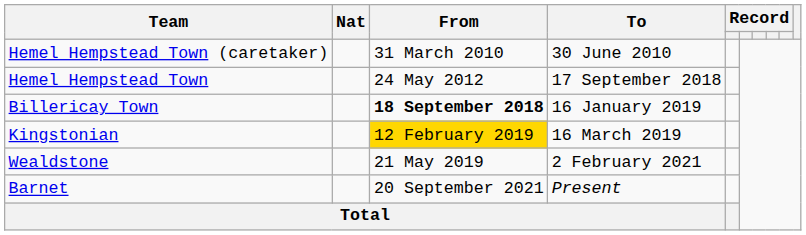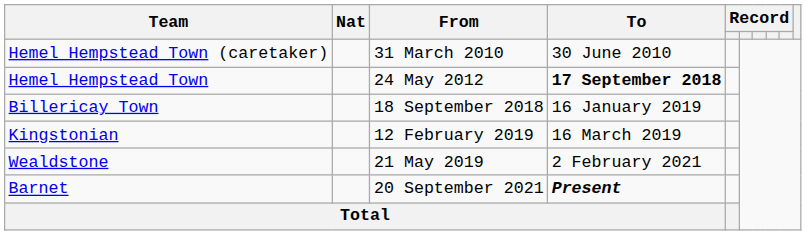 <table class="wikitable" style="text-align: center;">
 <tr>
 <th rowspan="2">Team</th>
 <th rowspan="2">Nat</th>
 <th rowspan="2">From</th>
 <th rowspan="2">To</th>
 <th colspan="5">Record</th>
 <th rowspan=2></th>
 </tr>
 <tr>
 <th></th>
 <th></th>
 <th></th>
 <th></th>
 <th></th>
 </tr>
 <tr>
 <td align=left><a href='#'>Hemel Hempstead Town</a> (caretaker)</td>
 <td></td>
 <td align=left>31 March 2010</td>
 <td align=left>30 June 2010<br></td>
 <td></td>
 </tr>
 <tr>
 <td align=left><a href='#'>Hemel Hempstead Town</a></td>
 <td></td>
 <td align=left>24 May 2012</td>
-<td align=left>17 September 2018<br></td>
+<td align=left><strong>17 September 2018<br></strong></td>
 <td></td>
 </tr>
 <tr>
 <td align=left><a href='#'>Billericay Town</a></td>
 <td></td>
-<td align=left><strong>18 September 2018</strong></td>
+<td align=left>18 September 2018</td>
 <td align=left>16 January 2019<br></td>
 <td></td>
 </tr>
 <tr>
 <td align=left><a href='#'>Kingstonian</a></td>
 <td></td>
-<td align=left style="background: gold;">12 February 2019</td>
+<td align=left>12 February 2019</td>
 <td align=left>16 March 2019<br></td>
 <td></td>
 </tr>
 <tr>
 <td align=left><a href='#'>Wealdstone</a></td>
 <td></td>
 <td align=left>21 May 2019</td>
 <td align=left>2 February 2021<br></td>
 <td></td>
 </tr>
 <tr>
 <td align=left><a href='#'>Barnet</a></td>
 <td></td>
 <td align=left>20 September 2021</td>
-<td align=left><em>Present</em><br></td>
+<td align=left><strong><em>Present</em><br></strong></td>
 <td></td>
 </tr>
 <tr>
 <th colspan="4">Total<br></th>
 <th></th>
 </tr>
 </table>
